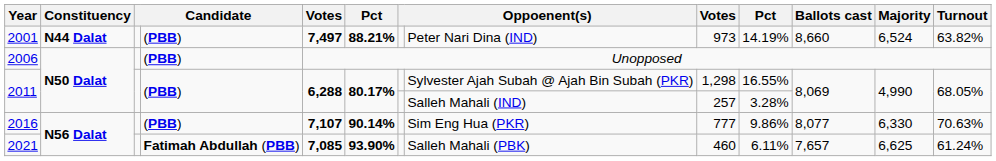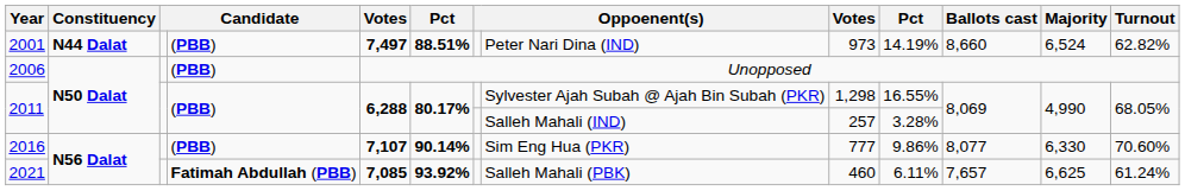 <table class="wikitable" style="margin:0.5em ; font-size:95%">
 <tr>
 <th>Year</th>
 <th>Constituency</th>
 <th colspan=2>Candidate</th>
 <th>Votes</th>
 <th>Pct</th>
 <th colspan=2>Oppoenent(s)</th>
 <th>Votes</th>
 <th>Pct</th>
 <th>Ballots cast</th>
 <th>Majority</th>
 <th>Turnout</th>
 </tr>
 <tr>
 <td><a href='#'>2001</a></td>
 <td><strong>N44 <a href='#'>Dalat</a></strong></td>
 <td></td>
 <td> (<a href='#'><strong>PBB</strong></a>)</td>
 <td align="right"><strong>7,497</strong></td>
-<td><strong>88.21%</strong></td>
+<td><strong>88.51%</strong></td>
 <td></td>
 <td>Peter Nari Dina (<a href='#'>IND</a>)</td>
 <td align="right">973</td>
 <td>14.19%</td>
 <td>8,660</td>
 <td>6,524</td>
-<td>63.82%</td>
+<td>62.82%</td>
 </tr>
 <tr>
 <td><a href='#'>2006</a></td>
 <td rowspan=3><strong>N50 <a href='#'>Dalat</a></strong></td>
 <td></td>
 <td> (<a href='#'><strong>PBB</strong></a>)</td>
 <td colspan="9" align="center"><em>Unopposed</em></td>
 </tr>
 <tr>
 <td rowspan="2"><a href='#'>2011</a></td>
 <td rowspan="2" ></td>
 <td rowspan="2"> (<a href='#'><strong>PBB</strong></a>)</td>
 <td rowspan="2" align="right"><strong>6,288</strong></td>
 <td rowspan="2"><strong>80.17%</strong></td>
 <td></td>
 <td>Sylvester Ajah Subah @ Ajah Bin Subah (<a href='#'>PKR</a>)</td>
 <td align="right">1,298</td>
 <td>16.55%</td>
 <td rowspan="2">8,069</td>
 <td rowspan="2">4,990</td>
 <td rowspan="2">68.05%</td>
 </tr>
 <tr>
 <td></td>
 <td>Salleh Mahali (<a href='#'>IND</a>)</td>
 <td align="right">257</td>
 <td align="right">3.28%</td>
 </tr>
 <tr>
 <td><a href='#'>2016</a></td>
 <td rowspan="2"><strong>N56 <a href='#'>Dalat</a></strong></td>
 <td></td>
 <td> (<a href='#'><strong>PBB</strong></a>)</td>
 <td align="right"><strong>7,107</strong></td>
 <td><strong>90.14%</strong></td>
 <td></td>
 <td>Sim Eng Hua (<a href='#'>PKR</a>)</td>
 <td align="right">777</td>
 <td align="right">9.86%</td>
 <td>8,077</td>
 <td>6,330</td>
-<td>70.63%</td>
+<td>70.60%</td>
 </tr>
 <tr>
 <td><a href='#'>2021</a></td>
 <td></td>
 <td><strong>Fatimah Abdullah</strong> (<a href='#'><strong>PBB</strong></a>)</td>
 <td align="right"><strong>7,085</strong></td>
-<td><strong>93.90%</strong></td>
+<td><strong>93.92%</strong></td>
 <td style="background:"></td>
 <td>Salleh Mahali (<a href='#'>PBK</a>)</td>
 <td align="right">460</td>
 <td align="right">6.11%</td>
 <td>7,657</td>
 <td>6,625</td>
 <td>61.24%</td>
 </tr>
 </table>
